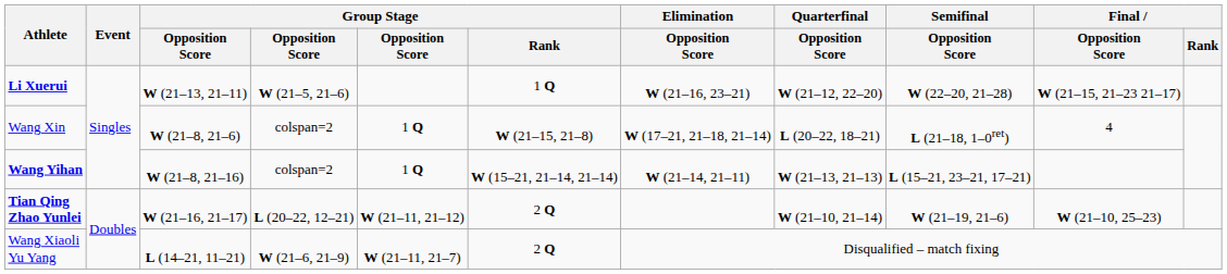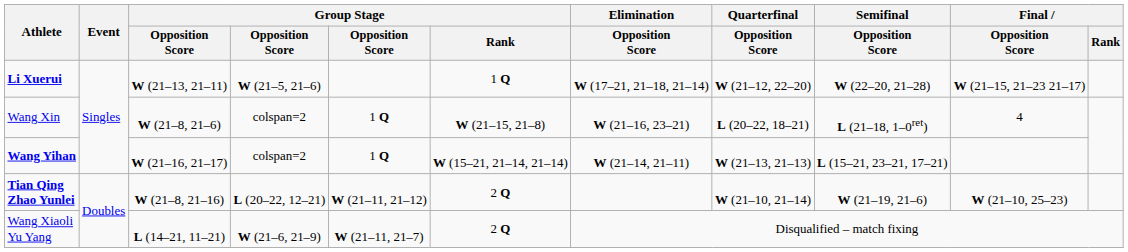 <table class="wikitable" style="font-size:90%">
 <tr>
 <th rowspan=2>Athlete</th>
 <th rowspan=2>Event</th>
 <th colspan=4>Group Stage</th>
 <th>Elimination</th>
 <th>Quarterfinal</th>
 <th>Semifinal</th>
 <th colspan=2>Final / </th>
 </tr>
 <tr style="font-size:95%">
 <th>Opposition<br>Score</th>
 <th>Opposition<br>Score</th>
 <th>Opposition<br>Score</th>
 <th>Rank</th>
 <th>Opposition<br>Score</th>
 <th>Opposition<br>Score</th>
 <th>Opposition<br>Score</th>
 <th>Opposition<br>Score</th>
 <th>Rank</th>
 </tr>
 <tr align=center>
 <td align=left><strong><a href='#'>Li Xuerui</a></strong></td>
 <td align=left rowspan=3><a href='#'>Singles</a></td>
 <td><br><strong>W</strong> (21–13, 21–11)</td>
 <td><br><strong>W</strong> (21–5, 21–6)</td>
 <td></td>
 <td>1 <strong>Q</strong></td>
-<td><br><strong>W</strong> (21–16, 23–21)</td>
+<td><br><strong>W</strong> (17–21, 21–18, 21–14)</td>
 <td><br><strong>W</strong> (21–12, 22–20)</td>
 <td><br><strong>W</strong> (22–20, 21–28)</td>
 <td><br><strong>W</strong> (21–15, 21–23 21–17)</td>
 <td></td>
 </tr>
 <tr align=center>
 <td align=left><a href='#'>Wang Xin</a></td>
 <td><br><strong>W</strong> (21–8, 21–6)</td>
 <td>colspan=2 </td>
 <td>1 <strong>Q</strong></td>
 <td><br><strong>W</strong> (21–15, 21–8)</td>
-<td><br><strong>W</strong> (17–21, 21–18, 21–14)</td>
+<td><br><strong>W</strong> (21–16, 23–21)</td>
 <td><br><strong>L</strong> (20–22, 18–21)</td>
 <td><br><strong>L</strong> (21–18, 1–0<sup>ret</sup>)</td>
 <td>4</td>
 </tr>
 <tr align=center>
 <td align=left><strong><a href='#'>Wang Yihan</a></strong></td>
-<td><br><strong>W</strong> (21–8, 21–16)</td>
+<td><br><strong>W</strong> (21–16, 21–17)</td>
 <td>colspan=2 </td>
 <td>1 <strong>Q</strong></td>
 <td><br><strong>W</strong> (15–21, 21–14, 21–14)</td>
 <td><br><strong>W</strong> (21–14, 21–11)</td>
 <td><br><strong>W</strong> (21–13, 21–13)</td>
 <td><br><strong>L</strong> (15–21, 23–21, 17–21)</td>
 <td></td>
 </tr>
 <tr align=center>
 <td align=left><strong><a href='#'>Tian Qing</a><br><a href='#'>Zhao Yunlei</a></strong></td>
 <td align=left rowspan=2><a href='#'>Doubles</a></td>
-<td><br><strong>W</strong> (21–16, 21–17)</td>
+<td><br><strong>W</strong> (21–8, 21–16)</td>
 <td><br><strong>L</strong> (20–22, 12–21)</td>
 <td><br><strong>W</strong> (21–11, 21–12)</td>
 <td>2 <strong>Q</strong></td>
 <td></td>
 <td><br><strong>W</strong> (21–10, 21–14)</td>
 <td><br><strong>W</strong> (21–19, 21–6)</td>
 <td><br><strong>W</strong> (21–10, 25–23)</td>
 <td></td>
 </tr>
 <tr align=center>
 <td align=left><a href='#'>Wang Xiaoli</a><br><a href='#'>Yu Yang</a></td>
 <td><br><strong>L</strong> (14–21, 11–21)</td>
 <td><br><strong>W</strong> (21–6, 21–9)</td>
 <td><br><strong>W</strong> (21–11, 21–7)</td>
 <td>2 <strong>Q</strong></td>
 <td colspan=5>Disqualified – match fixing</td>
 </tr>
 </table>
